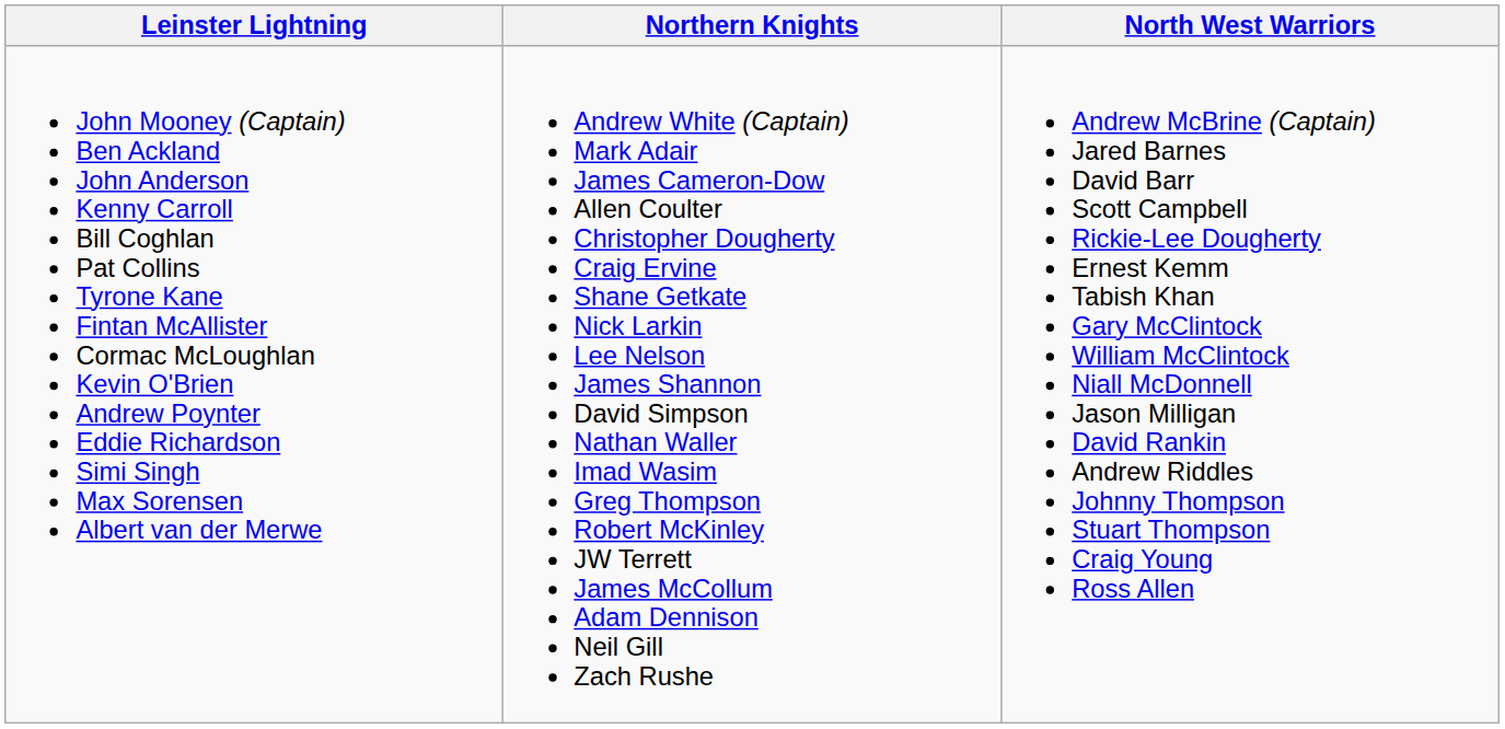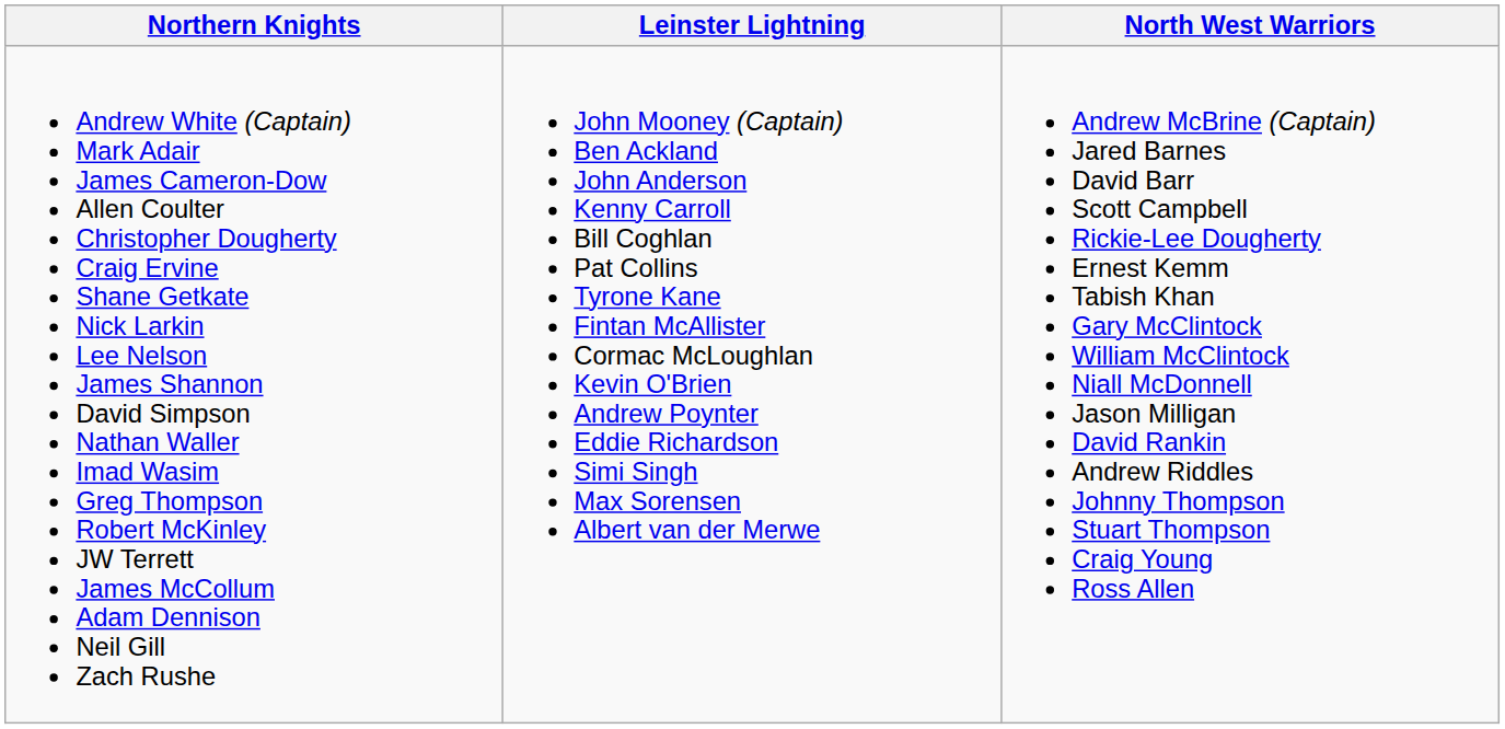 <table class="wikitable">
 <tr>
+<th width=300><a href='#'>Northern Knights</a></th>
 <th width=300><a href='#'>Leinster Lightning</a></th>
-<th width=300><a href='#'>Northern Knights</a></th>
 <th width=300><a href='#'>North West Warriors</a></th>
 </tr>
 <tr>
+<td valign=top><br><ul><li><a href='#'>Andrew White</a> <em>(Captain)</em></li><li><a href='#'>Mark Adair</a></li><li><a href='#'>James Cameron-Dow</a></li><li>Allen Coulter</li><li><a href='#'>Christopher Dougherty</a></li><li><a href='#'>Craig Ervine</a></li><li><a href='#'>Shane Getkate</a></li><li><a href='#'>Nick Larkin</a></li><li><a href='#'>Lee Nelson</a></li><li><a href='#'>James Shannon</a></li><li>David Simpson</li><li><a href='#'>Nathan Waller</a></li><li><a href='#'>Imad Wasim</a></li><li><a href='#'>Greg Thompson</a></li><li><a href='#'>Robert McKinley</a></li><li>JW Terrett</li><li><a href='#'>James McCollum</a></li><li><a href='#'>Adam Dennison</a></li><li>Neil Gill</li><li>Zach Rushe</li></ul></td>
 <td valign=top><br><ul><li><a href='#'>John Mooney</a> <em>(Captain)</em></li><li><a href='#'>Ben Ackland</a></li><li><a href='#'>John Anderson</a></li><li><a href='#'>Kenny Carroll</a></li><li>Bill Coghlan</li><li>Pat Collins</li><li><a href='#'>Tyrone Kane</a></li><li><a href='#'>Fintan McAllister</a></li><li>Cormac McLoughlan</li><li><a href='#'>Kevin O'Brien</a></li><li><a href='#'>Andrew Poynter</a></li><li><a href='#'>Eddie Richardson</a></li><li><a href='#'>Simi Singh</a></li><li><a href='#'>Max Sorensen</a></li><li><a href='#'>Albert van der Merwe</a></li></ul></td>
-<td valign=top><br><ul><li><a href='#'>Andrew White</a> <em>(Captain)</em></li><li><a href='#'>Mark Adair</a></li><li><a href='#'>James Cameron-Dow</a></li><li>Allen Coulter</li><li><a href='#'>Christopher Dougherty</a></li><li><a href='#'>Craig Ervine</a></li><li><a href='#'>Shane Getkate</a></li><li><a href='#'>Nick Larkin</a></li><li><a href='#'>Lee Nelson</a></li><li><a href='#'>James Shannon</a></li><li>David Simpson</li><li><a href='#'>Nathan Waller</a></li><li><a href='#'>Imad Wasim</a></li><li><a href='#'>Greg Thompson</a></li><li><a href='#'>Robert McKinley</a></li><li>JW Terrett</li><li><a href='#'>James McCollum</a></li><li><a href='#'>Adam Dennison</a></li><li>Neil Gill</li><li>Zach Rushe</li></ul></td>
 <td valign=top><br><ul><li><a href='#'>Andrew McBrine</a> <em>(Captain)</em></li><li>Jared Barnes</li><li>David Barr</li><li>Scott Campbell</li><li><a href='#'>Rickie-Lee Dougherty</a></li><li>Ernest Kemm</li><li>Tabish Khan</li><li><a href='#'>Gary McClintock</a></li><li><a href='#'>William McClintock</a></li><li><a href='#'>Niall McDonnell</a></li><li>Jason Milligan</li><li><a href='#'>David Rankin</a></li><li>Andrew Riddles</li><li><a href='#'>Johnny Thompson</a></li><li><a href='#'>Stuart Thompson</a></li><li><a href='#'>Craig Young</a></li><li><a href='#'>Ross Allen</a></li></ul></td>
 </tr>
 </table>
